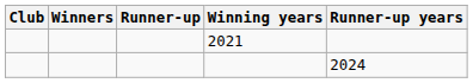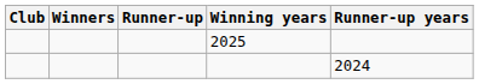 <table class="wikitable sortable">
 <tr>
 <th>Club</th>
 <th>Winners</th>
 <th>Runner-up</th>
 <th>Winning years</th>
 <th>Runner-up years</th>
 </tr>
 <tr>
 <td></td>
 <td align="center"></td>
 <td align="center"></td>
-<td>2021</td>
+<td>2025</td>
 <td></td>
 </tr>
 <tr>
 <td></td>
 <td align="center"></td>
 <td align="center"></td>
 <td></td>
 <td>2024</td>
 </tr>
 </table>
